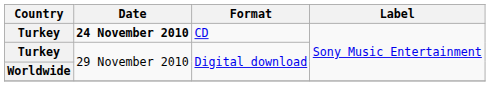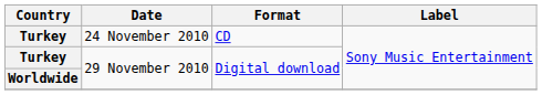 <table class="wikitable plainrowheaders">
 <tr>
 <th scope="col">Country</th>
 <th scope="col">Date</th>
 <th scope="col">Format</th>
 <th scope="col">Label</th>
 </tr>
 <tr>
 <th scope="row">Turkey</th>
-<td rowspan="1"><strong>24 November 2010</strong></td>
+<td rowspan="1">24 November 2010</td>
 <td rowspan="1"><a href='#'>CD</a></td>
 <td rowspan="3"><a href='#'>Sony Music Entertainment</a></td>
 </tr>
 <tr>
 <th scope="row">Turkey</th>
 <td rowspan="2">29 November 2010</td>
 <td rowspan="2"><a href='#'>Digital download</a></td>
 </tr>
 <tr>
 <th scope="row">Worldwide</th>
 </tr>
 <tr>
 </tr>
 </table>
